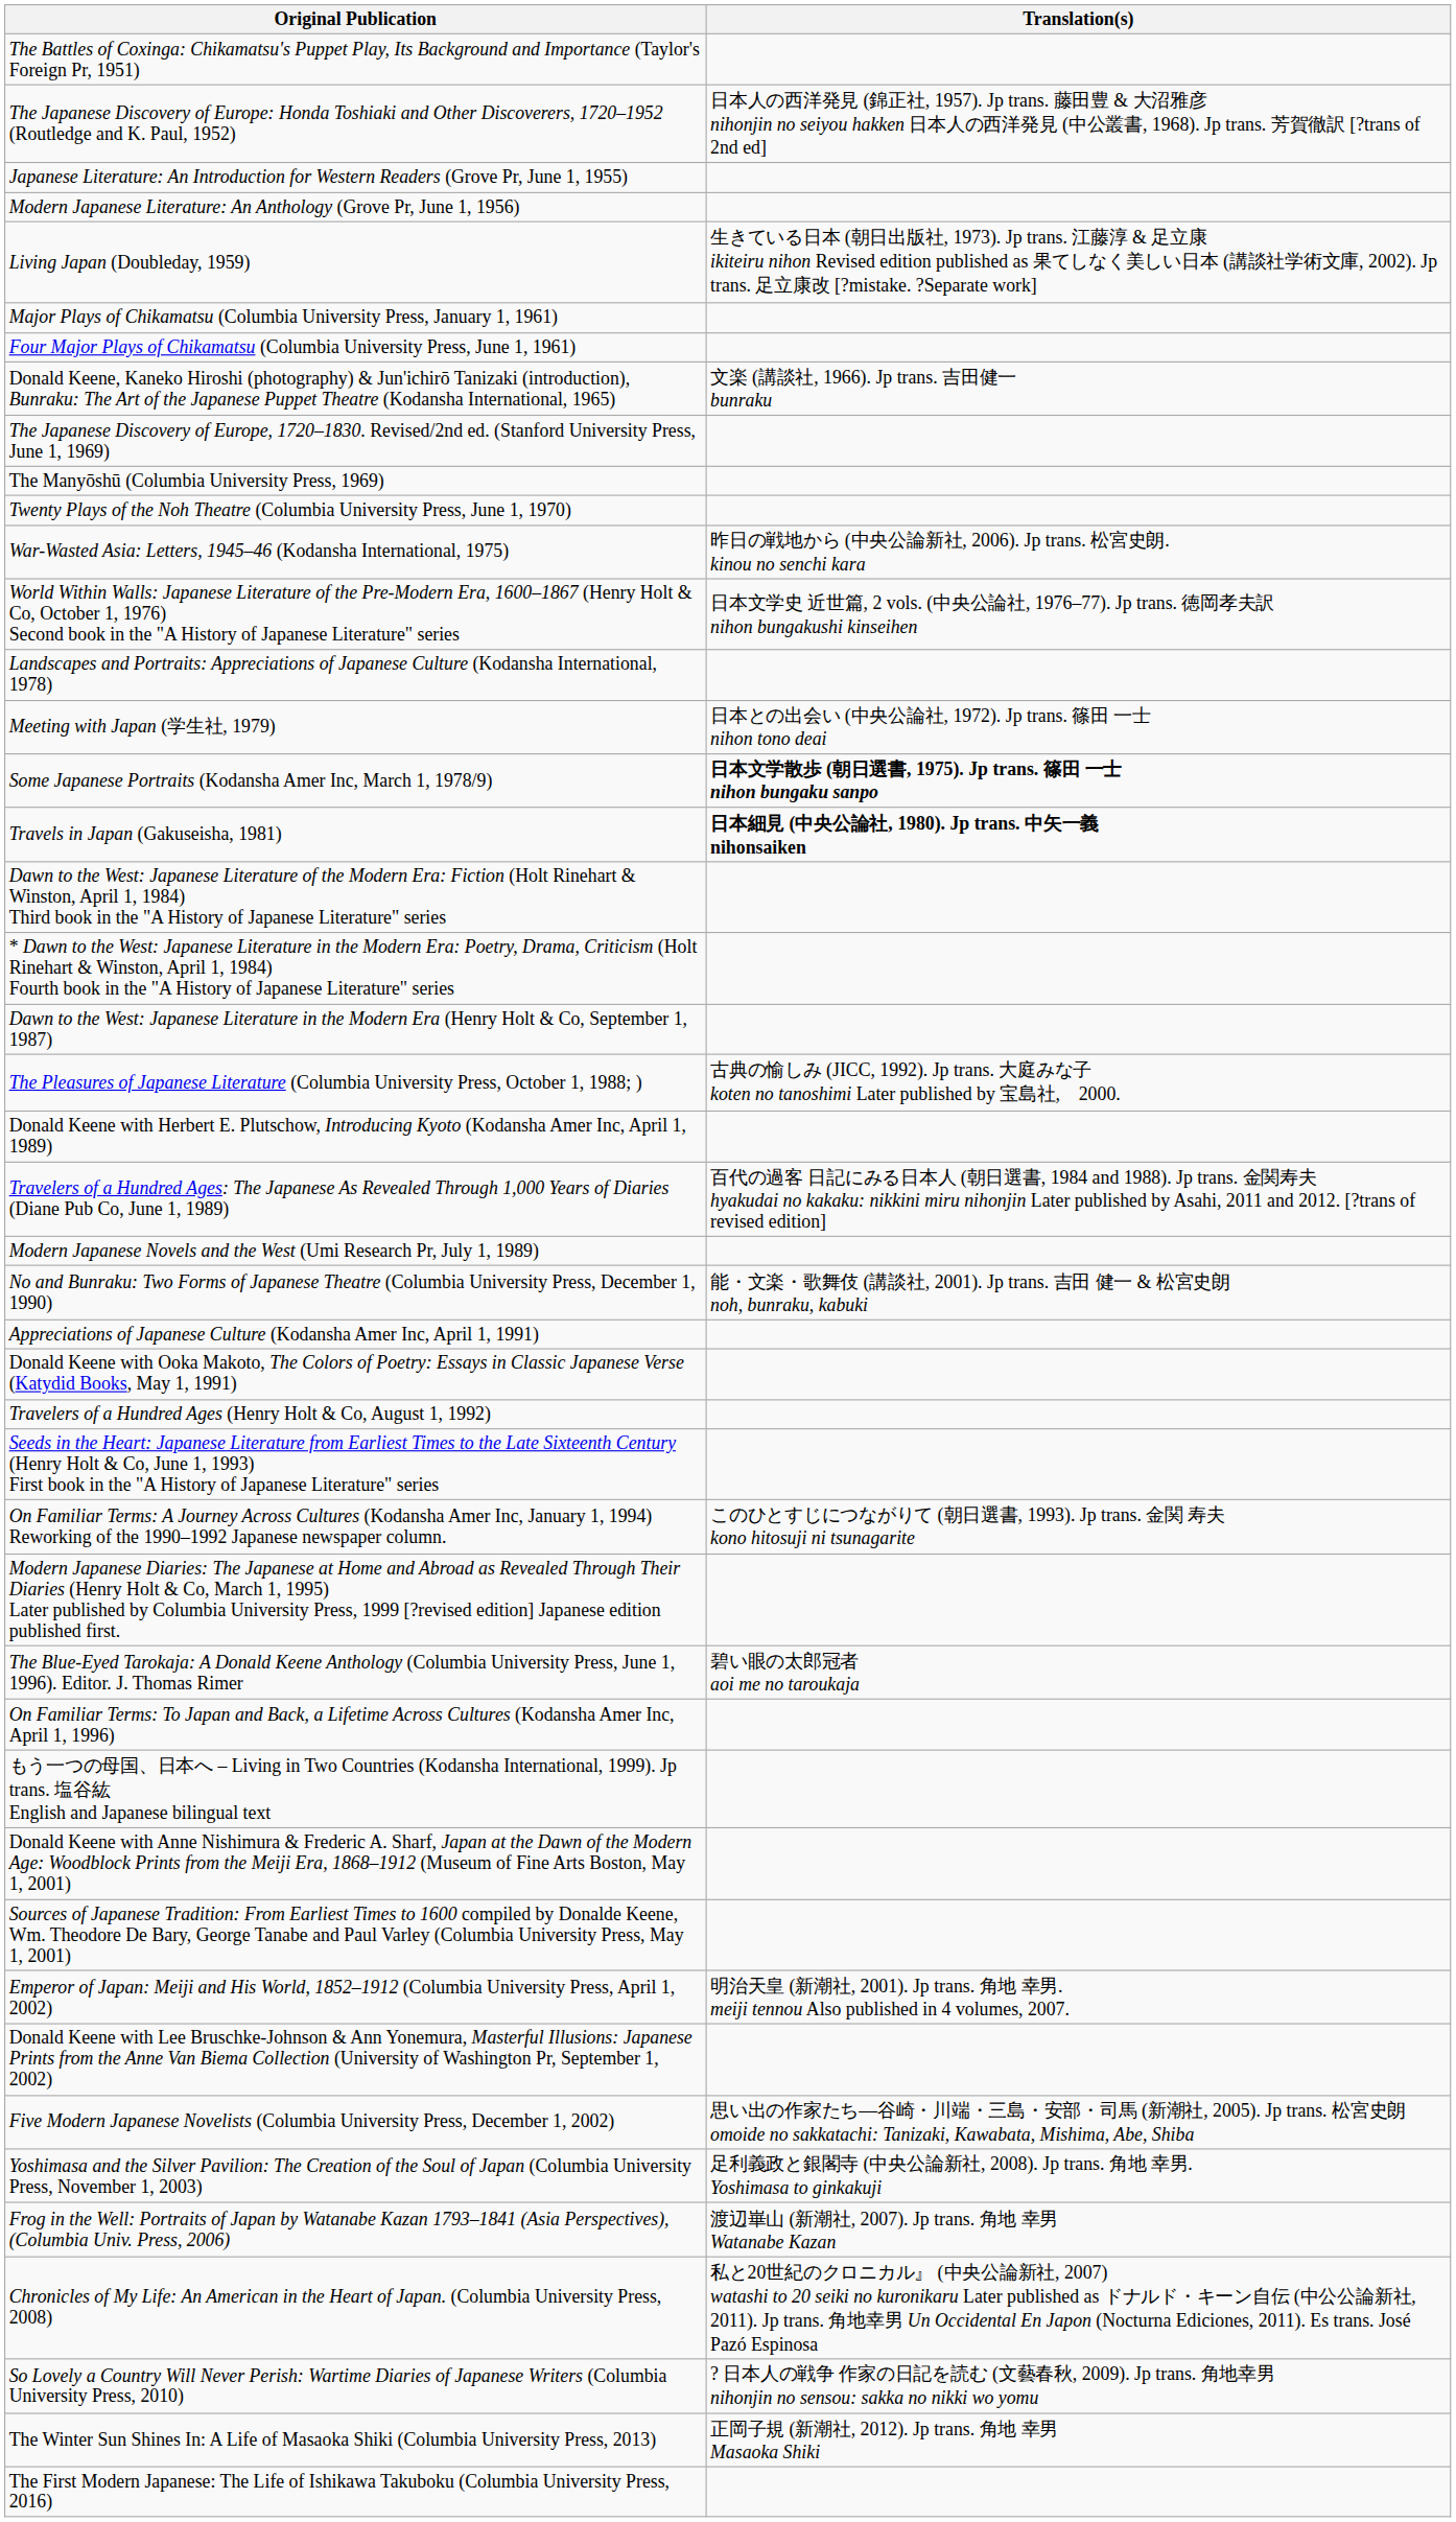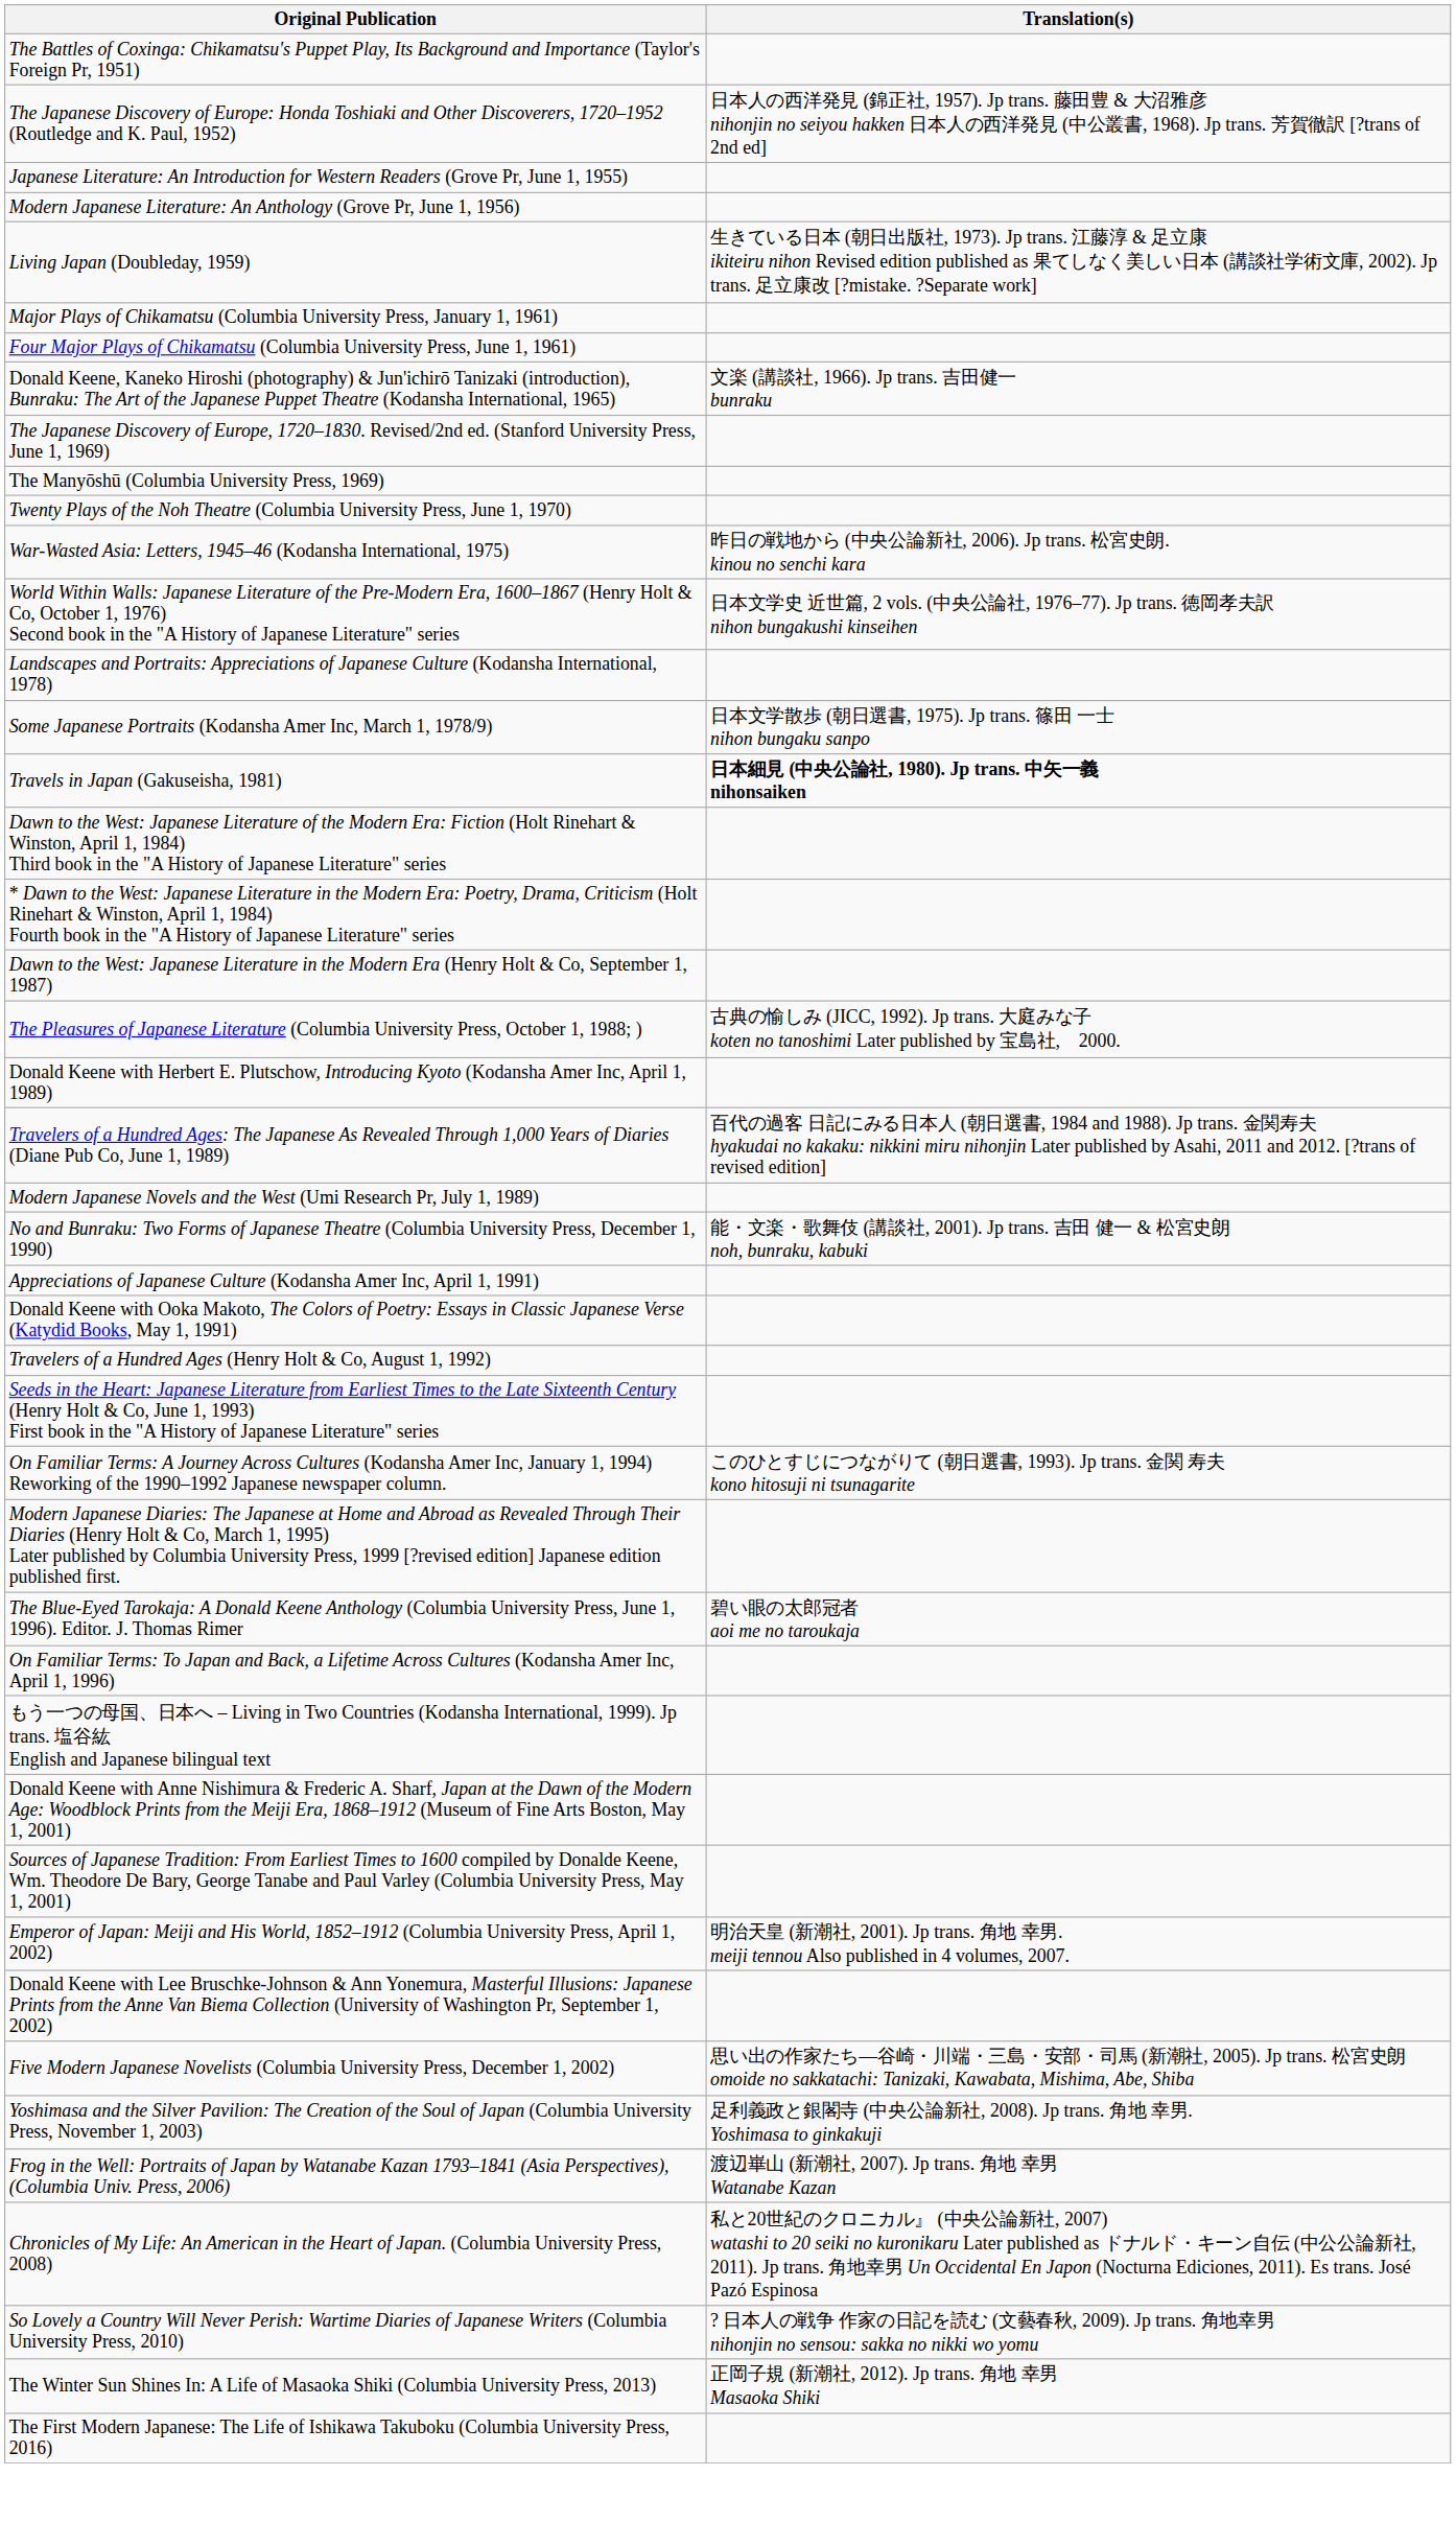 <table class="wikitable">
 <tr>
 <th>Original Publication</th>
 <th>Translation(s)</th>
 </tr>
 <tr>
 <td><em>The Battles of Coxinga: Chikamatsu's Puppet Play, Its Background and Importance</em> (Taylor's Foreign Pr, 1951)</td>
 <td></td>
 </tr>
 <tr>
 <td><em>The Japanese Discovery of Europe: Honda Toshiaki and Other Discoverers, 1720–1952</em> (Routledge and K. Paul, 1952)</td>
 <td>日本人の西洋発見 (錦正社, 1957). Jp trans. 藤田豊 & 大沼雅彦<br><em>nihonjin no seiyou hakken</em> 日本人の西洋発見 (中公叢書, 1968). Jp trans. 芳賀徹訳 [?trans of 2nd ed]</td>
 </tr>
 <tr>
 <td><em>Japanese Literature: An Introduction for Western Readers</em> (Grove Pr, June 1, 1955)</td>
 <td></td>
 </tr>
 <tr>
 <td><em>Modern Japanese Literature: An Anthology</em> (Grove Pr, June 1, 1956)</td>
 <td></td>
 </tr>
 <tr>
 <td><em>Living Japan</em> (Doubleday, 1959)</td>
 <td>生きている日本 (朝日出版社, 1973). Jp trans. 江藤淳 & 足立康<br><em>ikiteiru nihon</em> Revised edition published as 果てしなく美しい日本 (講談社学術文庫, 2002). Jp trans. 足立康改 [?mistake. ?Separate work]</td>
 </tr>
 <tr>
 <td><em>Major Plays of Chikamatsu</em> (Columbia University Press, January 1, 1961)</td>
 <td></td>
 </tr>
 <tr>
 <td><em><a href='#'>Four Major Plays of Chikamatsu</a></em> (Columbia University Press, June 1, 1961)</td>
 <td></td>
 </tr>
 <tr>
 <td>Donald Keene, Kaneko Hiroshi (photography) & Jun'ichirō Tanizaki (introduction), <em>Bunraku: The Art of the Japanese Puppet Theatre</em> (Kodansha International, 1965)</td>
 <td>文楽 (講談社, 1966). Jp trans. 吉田健一<br><em>bunraku</em></td>
 </tr>
 <tr>
 <td><em>The Japanese Discovery of Europe, 1720–1830</em>. Revised/2nd ed. (Stanford University Press, June 1, 1969)</td>
 <td></td>
 </tr>
 <tr>
 <td>The Manyōshū (Columbia University Press, 1969)</td>
 <td></td>
 </tr>
 <tr>
 <td><em>Twenty Plays of the Noh Theatre</em> (Columbia University Press, June 1, 1970)</td>
 <td></td>
 </tr>
 <tr>
 <td><em>War-Wasted Asia: Letters, 1945–46</em> (Kodansha International, 1975)</td>
 <td>昨日の戦地から (中央公論新社, 2006). Jp trans. 松宮史朗.<br><em>kinou no senchi kara</em></td>
 </tr>
 <tr>
 <td><em>World Within Walls: Japanese Literature of the Pre-Modern Era, 1600–1867</em> (Henry Holt & Co, October 1, 1976)<br>Second book in the "A History of Japanese Literature" series</td>
 <td>日本文学史 近世篇, 2 vols. (中央公論社, 1976–77). Jp trans. 徳岡孝夫訳<br><em>nihon bungakushi kinseihen</em></td>
 </tr>
 <tr>
 <td><em>Landscapes and Portraits: Appreciations of Japanese Culture</em> (Kodansha International, 1978)</td>
 <td></td>
 </tr>
 <tr>
-<td><em>Meeting with Japan</em> (学生社, 1979)</td>
-<td>日本との出会い (中央公論社, 1972). Jp trans. 篠田 一士<br><em>nihon tono deai</em></td>
-</tr>
-<tr>
 <td><em>Some Japanese Portraits</em> (Kodansha Amer Inc, March 1, 1978/9)</td>
-<td><strong>日本文学散歩 (朝日選書, 1975). Jp trans. 篠田 一士<br><em>nihon bungaku sanpo</em></strong></td>
+<td>日本文学散歩 (朝日選書, 1975). Jp trans. 篠田 一士<br><em>nihon bungaku sanpo</em></td>
 </tr>
 <tr>
 <td><em>Travels in Japan</em> (Gakuseisha, 1981)</td>
 <td><strong>日本細見 (中央公論社, 1980). Jp trans. 中矢一義<br>nihonsaiken</strong></td>
 </tr>
 <tr>
 <td><em>Dawn to the West: Japanese Literature of the Modern Era: Fiction</em> (Holt Rinehart & Winston, April 1, 1984)<br>Third book in the "A History of Japanese Literature" series</td>
 <td></td>
 </tr>
 <tr>
 <td>* <em>Dawn to the West: Japanese Literature in the Modern Era: Poetry, Drama, Criticism</em> (Holt Rinehart & Winston, April 1, 1984)<br>Fourth book in the "A History of Japanese Literature" series</td>
 <td></td>
 </tr>
 <tr>
 <td><em>Dawn to the West: Japanese Literature in the Modern Era</em> (Henry Holt & Co, September 1, 1987)</td>
 <td></td>
 </tr>
 <tr>
 <td><em><a href='#'>The Pleasures of Japanese Literature</a></em> (Columbia University Press, October 1, 1988; )</td>
 <td>古典の愉しみ (JICC, 1992). Jp trans. 大庭みな子<br><em>koten no tanoshimi</em> Later published by 宝島社,　2000.</td>
 </tr>
 <tr>
 <td>Donald Keene with Herbert E. Plutschow, <em>Introducing Kyoto</em> (Kodansha Amer Inc, April 1, 1989)</td>
 <td></td>
 </tr>
 <tr>
 <td><em><a href='#'>Travelers of a Hundred Ages</a>: The Japanese As Revealed Through 1,000 Years of Diaries</em> (Diane Pub Co, June 1, 1989)</td>
 <td>百代の過客 日記にみる日本人 (朝日選書, 1984 and 1988). Jp trans. 金関寿夫<br><em>hyakudai no kakaku: nikkini miru nihonjin</em> Later published by Asahi, 2011 and 2012. [?trans of revised edition]</td>
 </tr>
 <tr>
 <td><em>Modern Japanese Novels and the West</em> (Umi Research Pr, July 1, 1989)</td>
 <td></td>
 </tr>
 <tr>
 <td><em>No and Bunraku: Two Forms of Japanese Theatre</em> (Columbia University Press, December 1, 1990)</td>
 <td>能・文楽・歌舞伎 (講談社, 2001). Jp trans. 吉田 健一 & 松宮史朗<br><em>noh, bunraku, kabuki</em></td>
 </tr>
 <tr>
 <td><em>Appreciations of Japanese Culture</em> (Kodansha Amer Inc, April 1, 1991)</td>
 <td></td>
 </tr>
 <tr>
 <td>Donald Keene with Ooka Makoto, <em>The Colors of Poetry: Essays in Classic Japanese Verse</em> (<a href='#'>Katydid Books</a>, May 1, 1991)</td>
 <td></td>
 </tr>
 <tr>
 <td><em>Travelers of a Hundred Ages</em> (Henry Holt & Co, August 1, 1992)</td>
 <td></td>
 </tr>
 <tr>
 <td><em><a href='#'>Seeds in the Heart: Japanese Literature from Earliest Times to the Late Sixteenth Century</a></em> (Henry Holt & Co, June 1, 1993)<br>First book in the "A History of Japanese Literature" series</td>
 <td></td>
 </tr>
 <tr>
 <td><em>On Familiar Terms: A Journey Across Cultures</em> (Kodansha Amer Inc, January 1, 1994)<br>Reworking of the 1990–1992 Japanese newspaper column.</td>
 <td>このひとすじにつながりて (朝日選書, 1993). Jp trans. 金関 寿夫<br><em>kono hitosuji ni tsunagarite</em></td>
 </tr>
 <tr>
 <td><em>Modern Japanese Diaries: The Japanese at Home and Abroad as Revealed Through Their Diaries</em> (Henry Holt & Co, March 1, 1995)<br>Later published by Columbia University Press, 1999 [?revised edition] Japanese edition published first.</td>
 <td></td>
 </tr>
 <tr>
 <td><em>The Blue-Eyed Tarokaja: A Donald Keene Anthology</em> (Columbia University Press, June 1, 1996). Editor. J. Thomas Rimer</td>
 <td>碧い眼の太郎冠者<br><em>aoi me no taroukaja</em></td>
 </tr>
 <tr>
 <td><em>On Familiar Terms: To Japan and Back, a Lifetime Across Cultures</em> (Kodansha Amer Inc, April 1, 1996)</td>
 <td></td>
 </tr>
 <tr>
 <td>もう一つの母国、日本へ – Living in Two Countries (Kodansha International, 1999). Jp trans. 塩谷紘<br>English and Japanese bilingual text</td>
 <td></td>
 </tr>
 <tr>
 <td>Donald Keene with Anne Nishimura & Frederic A. Sharf, <em>Japan at the Dawn of the Modern Age: Woodblock Prints from the Meiji Era, 1868–1912</em> (Museum of Fine Arts Boston, May 1, 2001)</td>
 <td></td>
 </tr>
 <tr>
 <td><em>Sources of Japanese Tradition: From Earliest Times to 1600</em> compiled by Donalde Keene, Wm. Theodore De Bary, George Tanabe and Paul Varley (Columbia University Press, May 1, 2001)</td>
 <td></td>
 </tr>
 <tr>
 <td><em>Emperor of Japan: Meiji and His World, 1852–1912</em> (Columbia University Press, April 1, 2002)</td>
 <td>明治天皇 (新潮社, 2001). Jp trans. 角地 幸男.<br><em>meiji tennou</em> Also published in 4 volumes, 2007.</td>
 </tr>
 <tr>
 <td>Donald Keene with Lee Bruschke-Johnson & Ann Yonemura, <em>Masterful Illusions: Japanese Prints from the Anne Van Biema Collection</em> (University of Washington Pr, September 1, 2002)</td>
 <td></td>
 </tr>
 <tr>
 <td><em>Five Modern Japanese Novelists</em> (Columbia University Press, December 1, 2002)</td>
 <td>思い出の作家たち―谷崎・川端・三島・安部・司馬 (新潮社, 2005). Jp trans. 松宮史朗<br><em>omoide no sakkatachi: Tanizaki, Kawabata, Mishima, Abe, Shiba</em></td>
 </tr>
 <tr>
 <td><em>Yoshimasa and the Silver Pavilion: The Creation of the Soul of Japan</em> (Columbia University Press, November 1, 2003)</td>
 <td>足利義政と銀閣寺 (中央公論新社, 2008). Jp trans. 角地 幸男.<br><em>Yoshimasa to ginkakuji</em></td>
 </tr>
 <tr>
 <td><em>Frog in the Well: Portraits of Japan by Watanabe Kazan 1793–1841 (Asia Perspectives),(Columbia Univ. Press, 2006)</em></td>
 <td>渡辺崋山 (新潮社, 2007). Jp trans. 角地 幸男<br><em>Watanabe Kazan</em></td>
 </tr>
 <tr>
 <td><em>Chronicles of My Life: An American in the Heart of Japan.</em> (Columbia University Press, 2008)</td>
 <td>私と20世紀のクロニカル』 (中央公論新社, 2007)<br><em>watashi to 20 seiki no kuronikaru</em> Later published as ドナルド・キーン自伝 (中公公論新社, 2011). Jp trans. 角地幸男 <em>Un Occidental En Japon</em> (Nocturna Ediciones, 2011). Es trans. José Pazó Espinosa</td>
 </tr>
 <tr>
 <td><em>So Lovely a Country Will Never Perish: Wartime Diaries of Japanese Writers</em> (Columbia University Press, 2010)</td>
 <td>? 日本人の戦争 作家の日記を読む (文藝春秋, 2009). Jp trans. 角地幸男<br><em>nihonjin no sensou: sakka no nikki wo yomu</em></td>
 </tr>
 <tr>
 <td>The Winter Sun Shines In: A Life of Masaoka Shiki (Columbia University Press, 2013)</td>
 <td>正岡子規 (新潮社, 2012). Jp trans. 角地 幸男<br><em>Masaoka Shiki</em></td>
 </tr>
 <tr>
 <td>The First Modern Japanese: The Life of Ishikawa Takuboku (Columbia University Press, 2016)</td>
 <td></td>
 </tr>
 </table>
